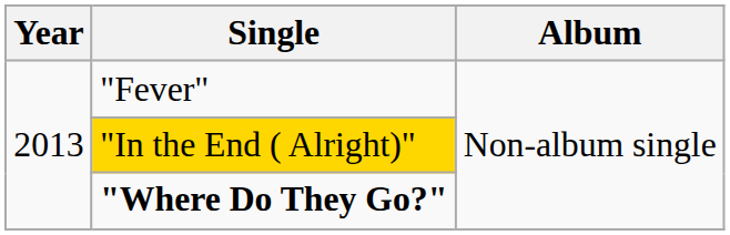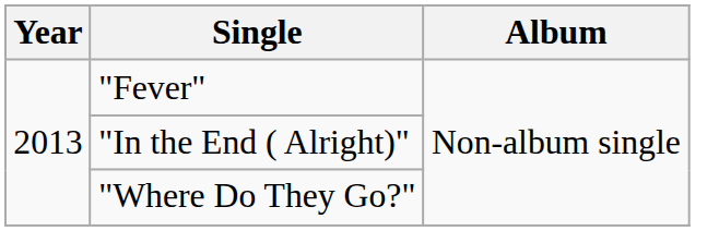 <table class="wikitable sortable">
 <tr>
 <th>Year</th>
 <th>Single</th>
 <th>Album</th>
 </tr>
 <tr>
 <td rowspan="3">2013</td>
 <td>"Fever"</td>
 <td rowspan="3">Non-album single</td>
 </tr>
 <tr>
-<td style="background: gold;">"In the End ( Alright)"</td>
+<td>"In the End ( Alright)"</td>
 </tr>
 <tr>
-<td><strong>"Where Do They Go?"</strong></td>
+<td>"Where Do They Go?"</td>
 </tr>
 </table>
